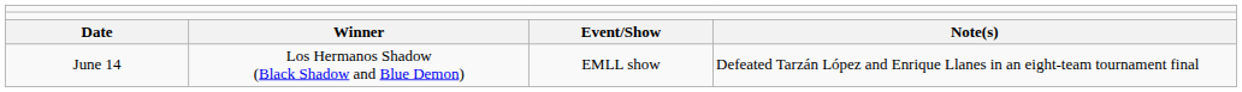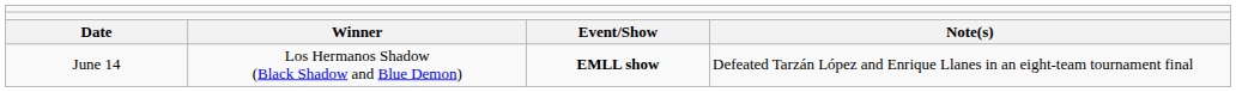 <table class="wikitable" style="text-align:center; width:100%;">
 <tr>
 <td colspan=5></td>
 </tr>
 <tr>
 <td colspan=5><strong></strong></td>
 </tr>
 <tr>
 <th width=14%>Date</th>
 <th width=26%>Winner</th>
 <th width=14%>Event/Show</th>
 <th width=40%>Note(s)</th>
 </tr>
 <tr>
 <td>June 14</td>
 <td>Los Hermanos Shadow<br>(<a href='#'>Black Shadow</a> and <a href='#'>Blue Demon</a>)</td>
-<td>EMLL show</td>
+<td><strong>EMLL show</strong></td>
 <td align=left>Defeated Tarzán López and Enrique Llanes in an eight-team tournament final</td>
 </tr>
 </table>
